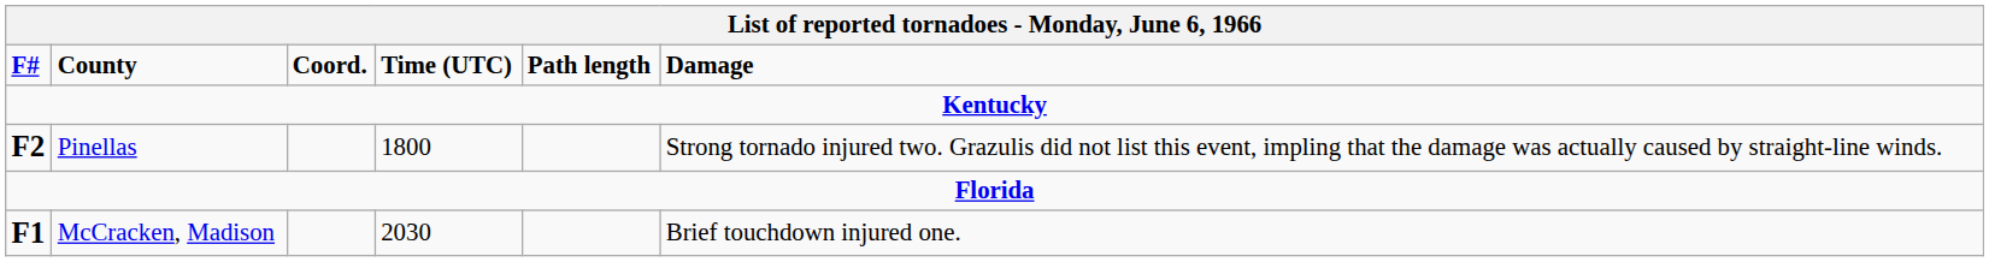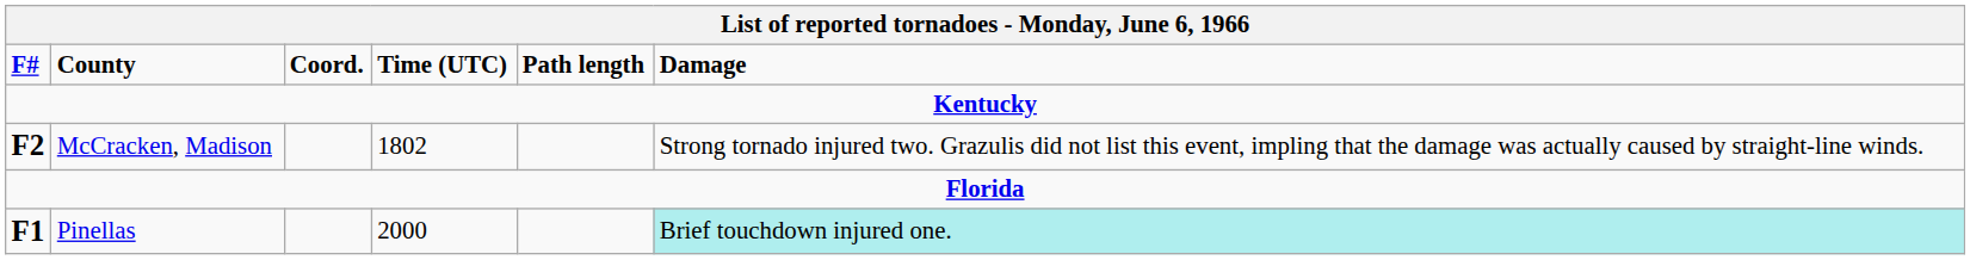 <table class="wikitable collapsible" style="width:100%;">
 <tr>
 <th colspan="6">List of reported tornadoes - Monday, June 6, 1966</th>
 </tr>
 <tr>
 <td><strong><a href='#'>F#</a></strong></td>
 <td><strong>County</strong></td>
 <td><strong>Coord.</strong></td>
 <td><strong>Time (UTC)</strong></td>
 <td><strong>Path length</strong></td>
 <td><strong>Damage</strong></td>
 </tr>
 <tr>
 <td colspan="6" style="text-align:center;"><strong><a href='#'>Kentucky</a></strong></td>
 </tr>
 <tr>
 <td><big><strong>F2</strong></big></td>
-<td><a href='#'>Pinellas</a></td>
+<td><a href='#'>McCracken</a>, <a href='#'>Madison</a></td>
 <td></td>
-<td>1800</td>
+<td>1802</td>
 <td></td>
 <td>Strong tornado injured two. Grazulis did not list this event, impling that the damage was actually caused by straight-line winds.</td>
 </tr>
 <tr>
 <td colspan="6" style="text-align:center;"><strong><a href='#'>Florida</a></strong></td>
 </tr>
 <tr>
 <td><big><strong>F1</strong></big></td>
-<td><a href='#'>McCracken</a>, <a href='#'>Madison</a></td>
+<td><a href='#'>Pinellas</a></td>
 <td></td>
-<td>2030</td>
+<td>2000</td>
 <td></td>
-<td>Brief touchdown injured one.</td>
+<td style="background: paleturquoise;">Brief touchdown injured one.</td>
 </tr>
 </table>
